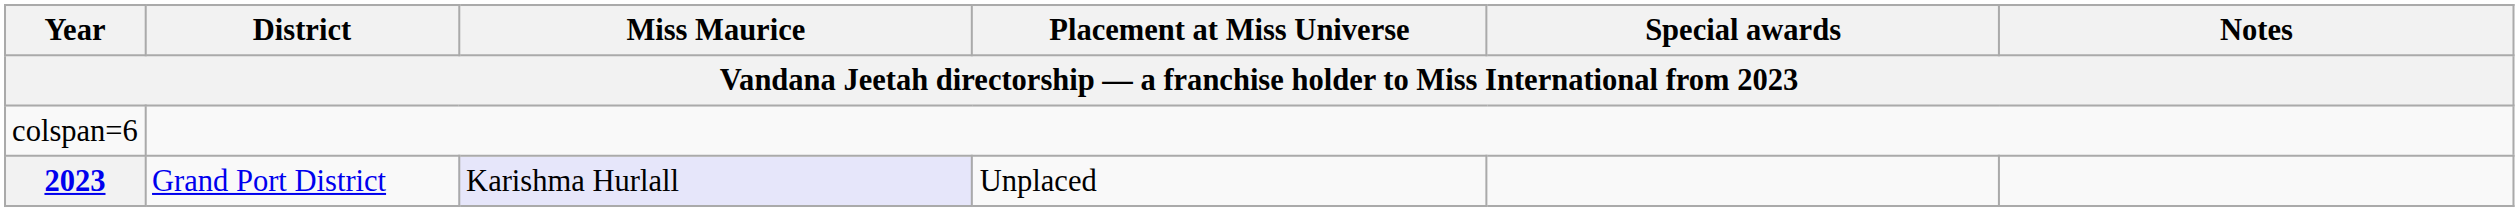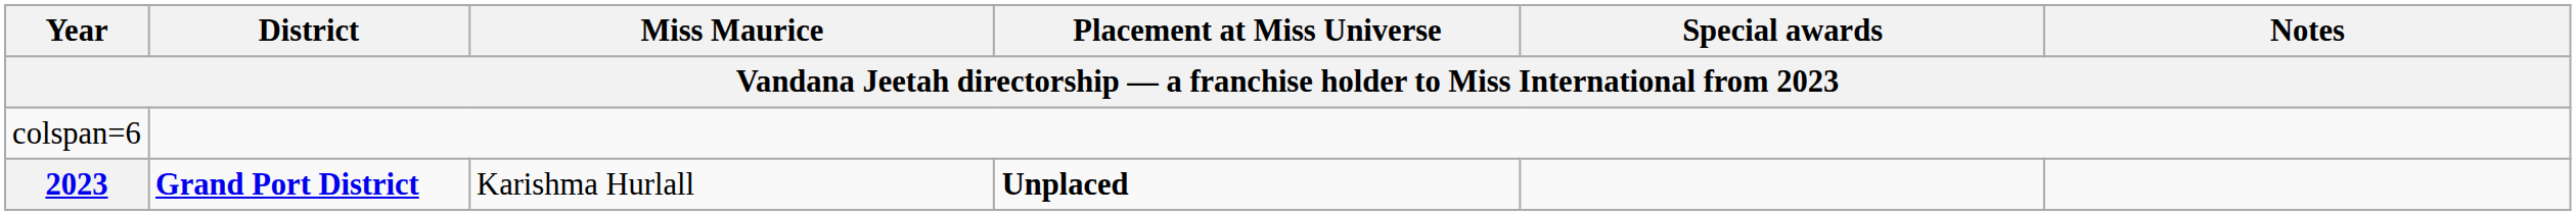 <table class="wikitable " style="font-size: 95%;">
 <tr>
 <th width="60">Year</th>
 <th width="150">District</th>
 <th width="250">Miss Maurice</th>
 <th width="250">Placement at Miss Universe</th>
 <th width="250">Special awards</th>
 <th width="250">Notes</th>
 </tr>
 <tr>
 <th colspan="6">Vandana Jeetah directorship — a franchise holder to Miss International from 2023</th>
 </tr>
 <tr>
 <td>colspan=6 </td>
 </tr>
 <tr>
 <th><a href='#'>2023</a></th>
-<td><a href='#'>Grand Port District</a></td>
-<td style="background: lavender;">Karishma Hurlall</td>
-<td>Unplaced</td>
+<td><strong><a href='#'>Grand Port District</a></strong></td>
+<td>Karishma Hurlall</td>
+<td><strong>Unplaced</strong></td>
 <td></td>
 <td></td>
 </tr>
 </table>
